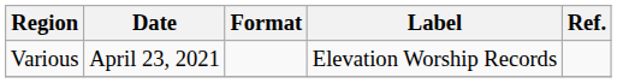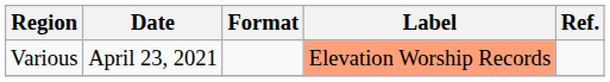 <table class="wikitable plainrowheaders">
 <tr>
 <th scope="col">Region</th>
 <th scope="col">Date</th>
 <th scope="col">Format</th>
 <th scope="col">Label</th>
 <th scope="col">Ref.</th>
 </tr>
 <tr>
 <td>Various</td>
 <td>April 23, 2021</td>
 <td></td>
-<td>Elevation Worship Records</td>
+<td style="background: lightsalmon;">Elevation Worship Records</td>
 <td></td>
 </tr>
 <tr>
 </tr>
 </table>
